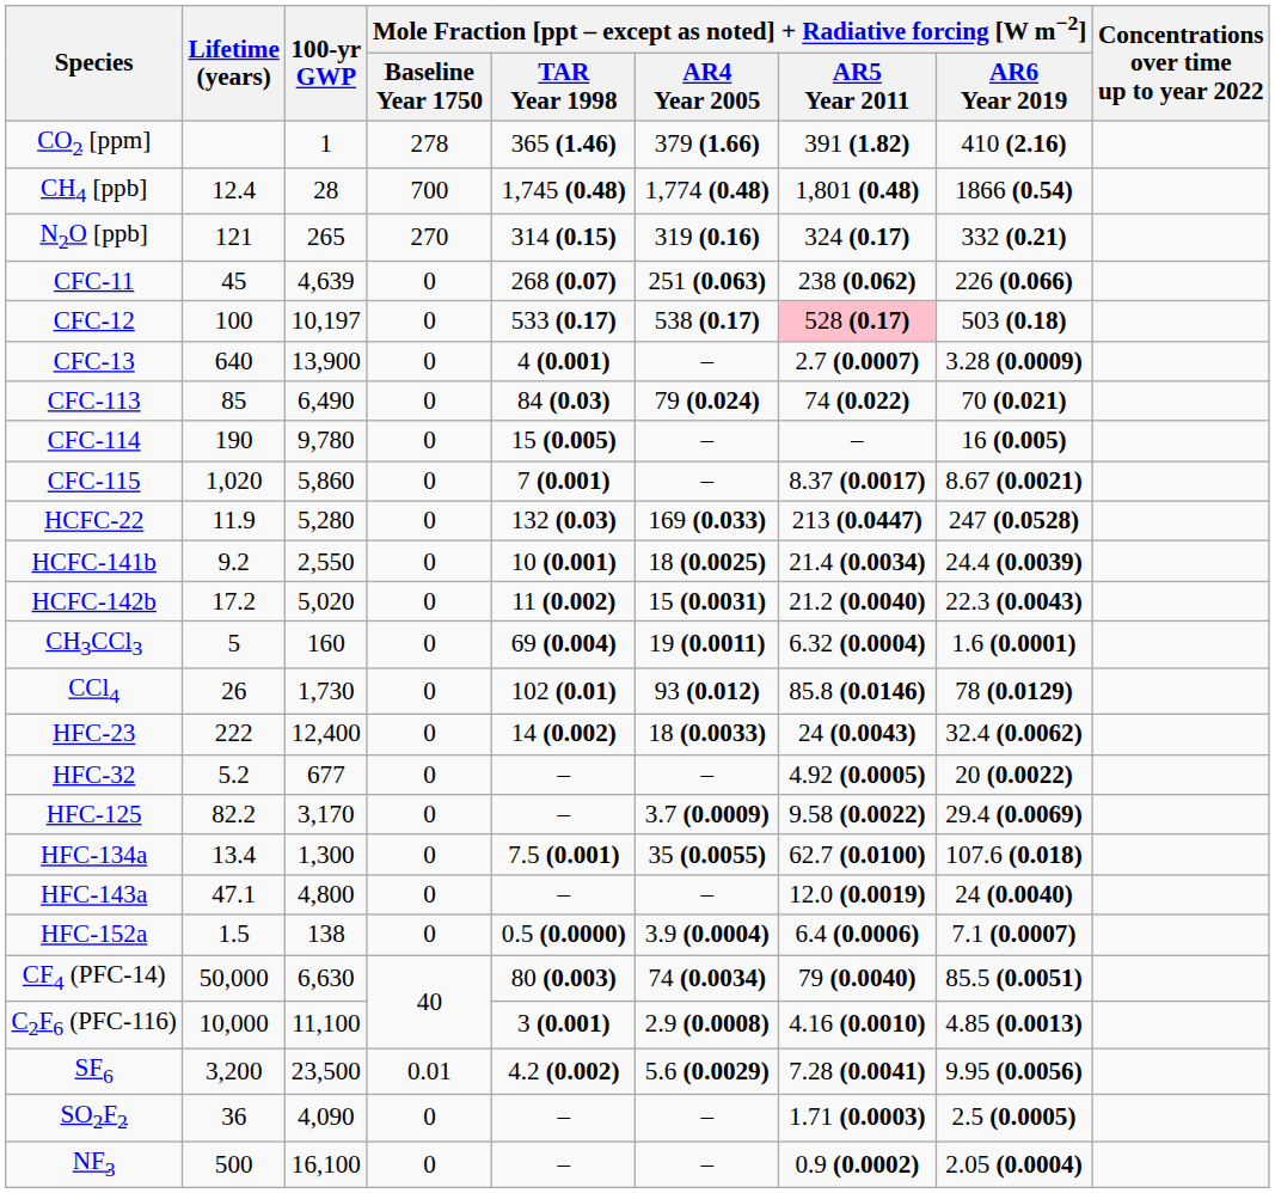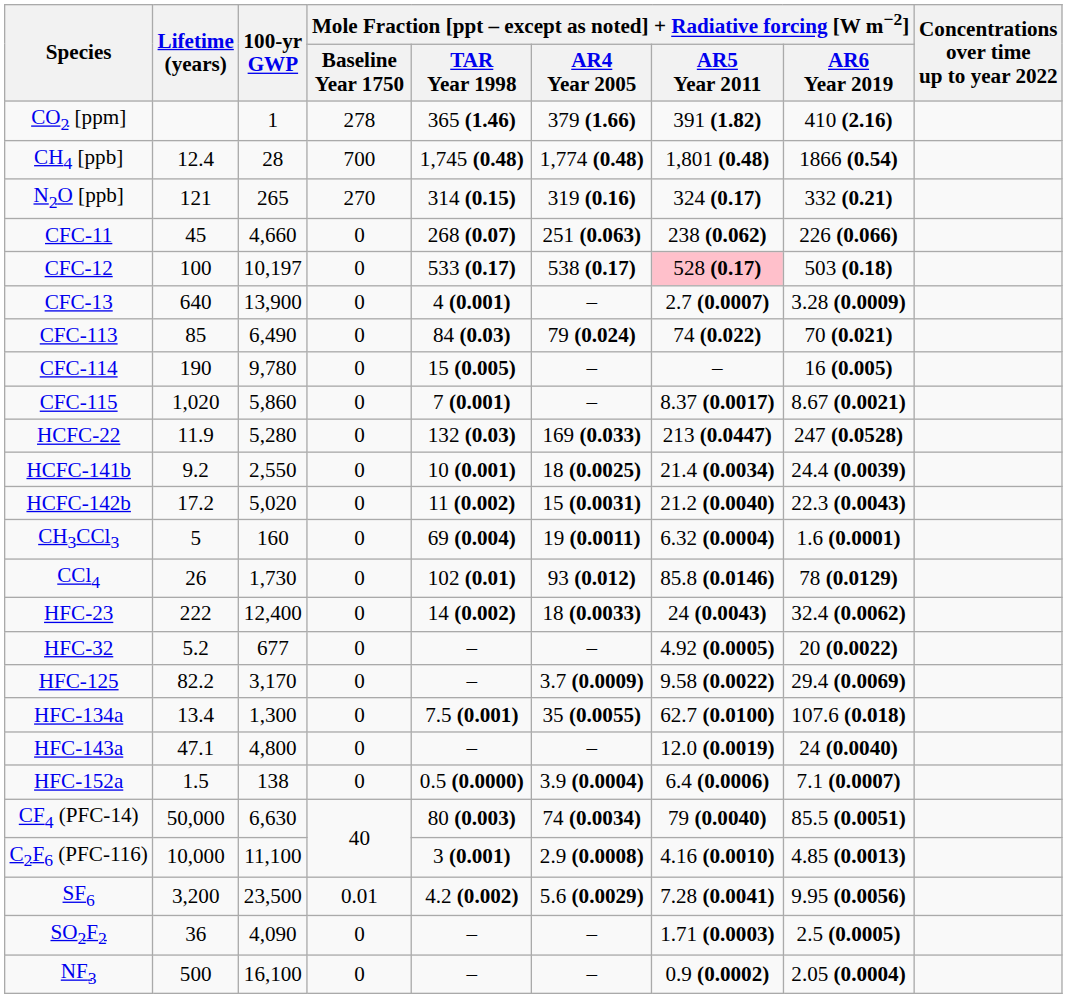 <table class="wikitable sortable" style="text-align:center">
 <tr>
 <th rowspan="2">Species</th>
 <th rowspan="2"><a href='#'>Lifetime</a><br>(years) </th>
 <th rowspan="2">100-yr<br><a href='#'>GWP</a> </th>
 <th colspan="5">Mole Fraction [ppt – except as noted] + <a href='#'>Radiative forcing</a> [W m<sup>−2</sup>]</th>
 <th rowspan="2">Concentrations<br>over time<br>up to year 2022</th>
 </tr>
 <tr>
 <th>Baseline<br>Year 1750</th>
 <th><a href='#'>TAR</a><br>Year 1998</th>
 <th><a href='#'>AR4</a><br>Year 2005</th>
 <th><a href='#'>AR5</a><br>Year 2011</th>
 <th><a href='#'>AR6</a><br>Year 2019</th>
 </tr>
 <tr>
 <td><a href='#'>CO<sub>2</sub></a> [ppm]</td>
 <td></td>
 <td>1</td>
 <td>278</td>
 <td>365 <strong>(1.46)</strong></td>
 <td>379 <strong>(1.66)</strong></td>
 <td>391 <strong>(1.82)</strong></td>
 <td>410 <strong>(2.16)</strong></td>
 <td></td>
 </tr>
 <tr>
 <td><a href='#'>CH<sub>4</sub></a> [ppb]</td>
 <td>12.4</td>
 <td>28</td>
 <td>700</td>
 <td>1,745 <strong>(0.48)</strong></td>
 <td>1,774 <strong>(0.48)</strong></td>
 <td>1,801 <strong>(0.48)</strong></td>
 <td>1866 <strong>(0.54)</strong></td>
 <td></td>
 </tr>
 <tr>
 <td><a href='#'>N<sub>2</sub>O</a> [ppb]</td>
 <td>121</td>
 <td>265</td>
 <td>270</td>
 <td>314 <strong>(0.15)</strong></td>
 <td>319 <strong>(0.16)</strong></td>
 <td>324 <strong>(0.17)</strong></td>
 <td>332 <strong>(0.21)</strong></td>
 <td></td>
 </tr>
 <tr>
 <td><a href='#'>CFC-11</a></td>
 <td>45</td>
-<td>4,639</td>
+<td>4,660</td>
 <td>0</td>
 <td>268 <strong>(0.07)</strong></td>
 <td>251 <strong>(0.063)</strong></td>
 <td>238 <strong>(0.062)</strong></td>
 <td>226 <strong>(0.066)</strong></td>
 <td></td>
 </tr>
 <tr>
 <td><a href='#'>CFC-12</a></td>
 <td>100</td>
 <td>10,197</td>
 <td>0</td>
 <td>533 <strong>(0.17)</strong></td>
 <td>538 <strong>(0.17)</strong></td>
 <td style="background: pink;">528 <strong>(0.17)</strong></td>
 <td>503 <strong>(0.18)</strong></td>
 <td></td>
 </tr>
 <tr>
 <td><a href='#'>CFC-13</a></td>
 <td>640</td>
 <td>13,900</td>
 <td>0</td>
 <td>4 <strong>(0.001)</strong></td>
 <td>–</td>
 <td>2.7 <strong>(0.0007)</strong></td>
 <td>3.28 <strong>(0.0009)</strong></td>
 <td></td>
 </tr>
 <tr>
 <td><a href='#'>CFC-113</a></td>
 <td>85</td>
 <td>6,490</td>
 <td>0</td>
 <td>84 <strong>(0.03)</strong></td>
 <td>79 <strong>(0.024)</strong></td>
 <td>74 <strong>(0.022)</strong></td>
 <td>70 <strong>(0.021)</strong></td>
 <td></td>
 </tr>
 <tr>
 <td><a href='#'>CFC-114</a></td>
 <td>190</td>
 <td>9,780</td>
 <td>0</td>
 <td>15 <strong>(0.005)</strong></td>
 <td>–</td>
 <td>–</td>
 <td>16 <strong>(0.005)</strong></td>
 <td></td>
 </tr>
 <tr>
 <td><a href='#'>CFC-115</a></td>
 <td>1,020</td>
 <td>5,860</td>
 <td>0</td>
 <td>7 <strong>(0.001)</strong></td>
 <td>–</td>
 <td>8.37 <strong>(0.0017)</strong></td>
 <td>8.67 <strong>(0.0021)</strong></td>
 <td></td>
 </tr>
 <tr>
 <td><a href='#'>HCFC-22</a></td>
 <td>11.9</td>
 <td>5,280</td>
 <td>0</td>
 <td>132 <strong>(0.03)</strong></td>
 <td>169 <strong>(0.033)</strong></td>
 <td>213 <strong>(0.0447)</strong></td>
 <td>247 <strong>(0.0528)</strong></td>
 <td></td>
 </tr>
 <tr>
 <td><a href='#'>HCFC-141b</a></td>
 <td>9.2</td>
 <td>2,550</td>
 <td>0</td>
 <td>10 <strong>(0.001)</strong></td>
 <td>18 <strong>(0.0025)</strong></td>
 <td>21.4 <strong>(0.0034)</strong></td>
 <td>24.4 <strong>(0.0039)</strong></td>
 <td></td>
 </tr>
 <tr>
 <td><a href='#'>HCFC-142b</a></td>
 <td>17.2</td>
 <td>5,020</td>
 <td>0</td>
 <td>11 <strong>(0.002)</strong></td>
 <td>15 <strong>(0.0031)</strong></td>
 <td>21.2 <strong>(0.0040)</strong></td>
 <td>22.3 <strong>(0.0043)</strong></td>
 <td></td>
 </tr>
 <tr>
 <td><a href='#'>CH<sub>3</sub>CCl<sub>3</sub></a></td>
 <td>5</td>
 <td>160</td>
 <td>0</td>
 <td>69 <strong>(0.004)</strong></td>
 <td>19 <strong>(0.0011)</strong></td>
 <td>6.32 <strong>(0.0004)</strong></td>
 <td>1.6 <strong>(0.0001)</strong></td>
 <td></td>
 </tr>
 <tr>
 <td><a href='#'>CCl<sub>4</sub></a></td>
 <td>26</td>
 <td>1,730</td>
 <td>0</td>
 <td>102 <strong>(0.01)</strong></td>
 <td>93 <strong>(0.012)</strong></td>
 <td>85.8 <strong>(0.0146)</strong></td>
 <td>78 <strong>(0.0129)</strong></td>
 <td></td>
 </tr>
 <tr>
 <td><a href='#'>HFC-23</a></td>
 <td>222</td>
 <td>12,400</td>
 <td>0</td>
 <td>14 <strong>(0.002)</strong></td>
 <td>18 <strong>(0.0033)</strong></td>
 <td>24 <strong>(0.0043)</strong></td>
 <td>32.4 <strong>(0.0062)</strong></td>
 <td></td>
 </tr>
 <tr>
 <td><a href='#'>HFC-32</a></td>
 <td>5.2</td>
 <td>677</td>
 <td>0</td>
 <td>–</td>
 <td>–</td>
 <td>4.92 <strong>(0.0005)</strong></td>
 <td>20 <strong>(0.0022)</strong></td>
 <td></td>
 </tr>
 <tr>
 <td><a href='#'>HFC-125</a></td>
 <td>82.2</td>
 <td>3,170</td>
 <td>0</td>
 <td>–</td>
 <td>3.7 <strong>(0.0009)</strong></td>
 <td>9.58 <strong>(0.0022)</strong></td>
 <td>29.4 <strong>(0.0069)</strong></td>
 <td></td>
 </tr>
 <tr>
 <td><a href='#'>HFC-134a</a></td>
 <td>13.4</td>
 <td>1,300</td>
 <td>0</td>
 <td>7.5 <strong>(0.001)</strong></td>
 <td>35 <strong>(0.0055)</strong></td>
 <td>62.7 <strong>(0.0100)</strong></td>
 <td>107.6 <strong>(0.018)</strong></td>
 <td></td>
 </tr>
 <tr>
 <td><a href='#'>HFC-143a</a></td>
 <td>47.1</td>
 <td>4,800</td>
 <td>0</td>
 <td>–</td>
 <td>–</td>
 <td>12.0 <strong>(0.0019)</strong></td>
 <td>24 <strong>(0.0040)</strong></td>
 <td></td>
 </tr>
 <tr>
 <td><a href='#'>HFC-152a</a></td>
 <td>1.5</td>
 <td>138</td>
 <td>0</td>
 <td>0.5 <strong>(0.0000)</strong></td>
 <td>3.9 <strong>(0.0004)</strong></td>
 <td>6.4 <strong>(0.0006)</strong></td>
 <td>7.1 <strong>(0.0007)</strong></td>
 <td></td>
 </tr>
 <tr>
 <td><a href='#'>CF<sub>4</sub></a> (PFC-14)</td>
 <td>50,000</td>
 <td>6,630</td>
 <td rowspan="2">40</td>
 <td>80 <strong>(0.003)</strong></td>
 <td>74 <strong>(0.0034)</strong></td>
 <td>79 <strong>(0.0040)</strong></td>
 <td>85.5 <strong>(0.0051)</strong></td>
 <td></td>
 </tr>
 <tr>
 <td><a href='#'>C<sub>2</sub>F<sub>6</sub></a> (PFC-116)</td>
 <td>10,000</td>
 <td>11,100</td>
 <td>3 <strong>(0.001)</strong></td>
 <td>2.9 <strong>(0.0008)</strong></td>
 <td>4.16 <strong>(0.0010)</strong></td>
 <td>4.85 <strong>(0.0013)</strong></td>
 <td></td>
 </tr>
 <tr>
 <td><a href='#'>SF<sub>6</sub></a></td>
 <td>3,200</td>
 <td>23,500</td>
 <td>0.01</td>
 <td>4.2 <strong>(0.002)</strong></td>
 <td>5.6 <strong>(0.0029)</strong></td>
 <td>7.28 <strong>(0.0041)</strong></td>
 <td>9.95 <strong>(0.0056)</strong></td>
 <td></td>
 </tr>
 <tr>
 <td><a href='#'>SO<sub>2</sub>F<sub>2</sub></a></td>
 <td>36</td>
 <td>4,090</td>
 <td>0</td>
 <td>–</td>
 <td>–</td>
 <td>1.71 <strong>(0.0003)</strong></td>
 <td>2.5 <strong>(0.0005)</strong></td>
 <td></td>
 </tr>
 <tr>
 <td><a href='#'>NF<sub>3</sub></a></td>
 <td>500</td>
 <td>16,100</td>
 <td>0</td>
 <td>–</td>
 <td>–</td>
 <td>0.9 <strong>(0.0002)</strong></td>
 <td>2.05 <strong>(0.0004)</strong></td>
 <td></td>
 </tr>
 </table>
